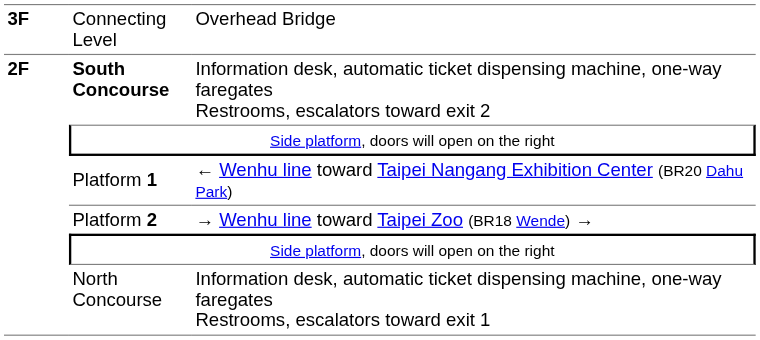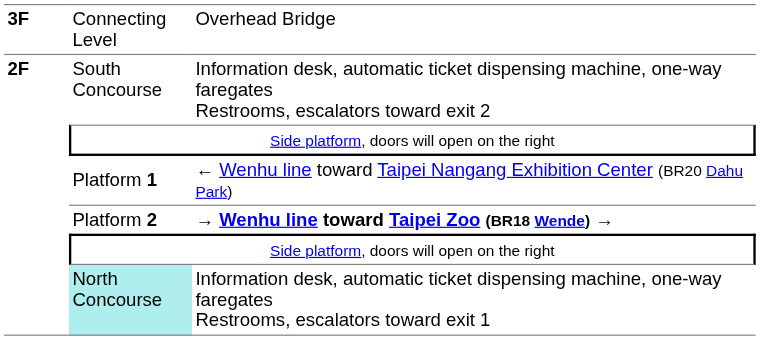 <table table border=0 cellspacing=0 cellpadding=3>
 <tr>
 <td style="border-bottom:solid 1px gray;border-top:solid 1px gray;" width=50 valign=top><strong>3F</strong></td>
 <td style="border-top:solid 1px gray;border-bottom:solid 1px gray;" width=100 valign=top>Connecting Level</td>
 <td style="border-top:solid 1px gray;border-bottom:solid 1px gray;" width=480 valign=top>Overhead Bridge</td>
 </tr>
 <tr>
 <td style="border-bottom:solid 1px gray;" width=50 rowspan=8 valign=top><strong>2F</strong></td>
 </tr>
 <tr>
-<td style="border-top:solid 0px white;" valign=top><strong>South Concourse</strong></td>
+<td style="border-top:solid 0px white;" valign=top>South Concourse</td>
 <td>Information desk, automatic ticket dispensing machine, one-way faregates<br>Restrooms, escalators toward exit 2</td>
 </tr>
 <tr>
 <td style="border-right:solid 2px black;border-left:solid 2px black;border-bottom:solid 2px black;border-top:solid 1px gray;text-align:center;" colspan=2><small><a href='#'>Side platform</a>, doors will open on the right</small></td>
 </tr>
 <tr>
 <td style="border-bottom:solid 1px gray;" width=100>Platform <span><strong>1</strong></span></td>
 <td style="border-bottom:solid 1px gray;" width=390>←  <a href='#'>Wenhu line</a> toward <a href='#'>Taipei Nangang Exhibition Center</a> <small>(BR20 <a href='#'>Dahu Park</a>)</small></td>
 </tr>
 <tr>
 <td>Platform <span><strong>2</strong></span></td>
-<td><span>→</span>  <a href='#'>Wenhu line</a> toward <a href='#'>Taipei Zoo</a> <small>(BR18 <a href='#'>Wende</a>)</small> →</td>
+<td><strong><span>→</span>  <a href='#'>Wenhu line</a> toward <a href='#'>Taipei Zoo</a> <small>(BR18 <a href='#'>Wende</a>)</small> →</strong></td>
 </tr>
 <tr>
 <td style="border-top:solid 2px black;border-right:solid 2px black;border-left:solid 2px black;border-bottom:solid 1px gray;text-align:center;" colspan=2><small><a href='#'>Side platform</a>, doors will open on the right</small></td>
 </tr>
 <tr>
-<td style="border-bottom:solid 1px gray;" valign=top>North Concourse</td>
+<td style="background: paleturquoise; border-bottom:solid 1px gray;" valign=top>North Concourse</td>
 <td style="border-bottom:solid 1px gray;">Information desk, automatic ticket dispensing machine, one-way faregates<br>Restrooms, escalators toward exit 1</td>
 </tr>
 </table>
